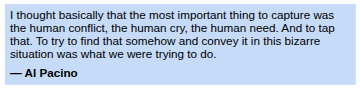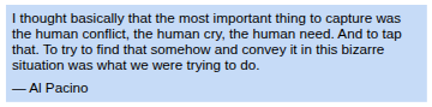 <table class="toccolours" style="float: right; margin-left: 1em; margin-right: 2em; font-size: 85%; background:#c6dbf7; color:black; width:30em; max-width: 40%;" cellspacing="5">
 <tr>
 <td style="text-align: left;">I thought basically that the most important thing to capture was the human conflict, the human cry, the human need. And to tap that. To try to find that somehow and convey it in this bizarre situation was what we were trying to do.</td>
 </tr>
 <tr>
-<td style="text-align: left;"><strong>— Al Pacino</strong></td>
+<td style="text-align: left;">— Al Pacino</td>
 </tr>
 </table>
